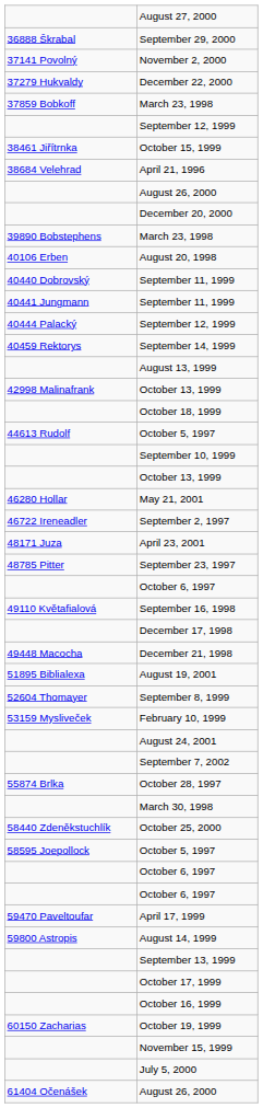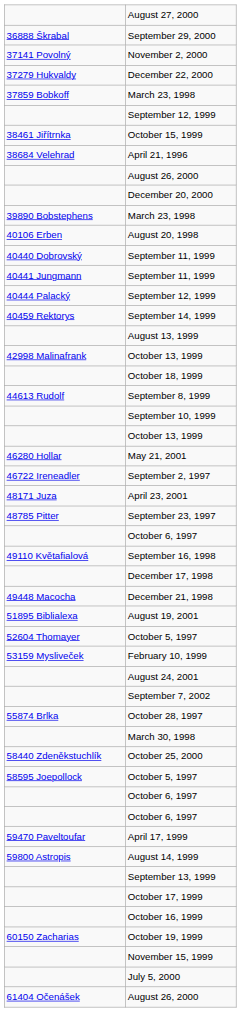 <table class="wikitable" style="font-size: 89%; float: left; width: 24em; margin-right: 1em; line-height: 1.6em !important; height: 1250px;">
 <tr>
 <td> </td>
 <td>August 27, 2000</td>
 </tr>
 <tr>
 <td><a href='#'>36888 Škrabal</a> </td>
 <td>September 29, 2000</td>
 </tr>
 <tr>
 <td><a href='#'>37141 Povolný</a></td>
 <td>November 2, 2000</td>
 </tr>
 <tr>
 <td><a href='#'>37279 Hukvaldy</a> </td>
 <td>December 22, 2000</td>
 </tr>
 <tr>
 <td><a href='#'>37859 Bobkoff</a></td>
 <td>March 23, 1998</td>
 </tr>
 <tr>
 <td> </td>
 <td>September 12, 1999</td>
 </tr>
 <tr>
 <td><a href='#'>38461 Jiřítrnka</a></td>
 <td>October 15, 1999</td>
 </tr>
 <tr>
 <td><a href='#'>38684 Velehrad</a> </td>
 <td>April 21, 1996</td>
 </tr>
 <tr>
 <td> </td>
 <td>August 26, 2000</td>
 </tr>
 <tr>
 <td> </td>
 <td>December 20, 2000</td>
 </tr>
 <tr>
 <td><a href='#'>39890 Bobstephens</a></td>
 <td>March 23, 1998</td>
 </tr>
 <tr>
 <td><a href='#'>40106 Erben</a></td>
 <td>August 20, 1998</td>
 </tr>
 <tr>
 <td><a href='#'>40440 Dobrovský</a> </td>
 <td>September 11, 1999</td>
 </tr>
 <tr>
 <td><a href='#'>40441 Jungmann</a> </td>
 <td>September 11, 1999</td>
 </tr>
 <tr>
 <td><a href='#'>40444 Palacký</a> </td>
 <td>September 12, 1999</td>
 </tr>
 <tr>
 <td><a href='#'>40459 Rektorys</a> </td>
 <td>September 14, 1999</td>
 </tr>
 <tr>
 <td> </td>
 <td>August 13, 1999</td>
 </tr>
 <tr>
 <td><a href='#'>42998 Malinafrank</a> </td>
 <td>October 13, 1999</td>
 </tr>
 <tr>
 <td></td>
 <td>October 18, 1999</td>
 </tr>
 <tr>
 <td><a href='#'>44613 Rudolf</a> </td>
-<td>October 5, 1997</td>
+<td>September 8, 1999</td>
 </tr>
 <tr>
 <td> </td>
 <td>September 10, 1999</td>
 </tr>
 <tr>
 <td> </td>
 <td>October 13, 1999</td>
 </tr>
 <tr>
 <td><a href='#'>46280 Hollar</a> </td>
 <td>May 21, 2001</td>
 </tr>
 <tr>
 <td><a href='#'>46722 Ireneadler</a> </td>
 <td>September 2, 1997</td>
 </tr>
 <tr>
 <td><a href='#'>48171 Juza</a> </td>
 <td>April 23, 2001</td>
 </tr>
 <tr>
 <td><a href='#'>48785 Pitter</a></td>
 <td>September 23, 1997</td>
 </tr>
 <tr>
 <td></td>
 <td>October 6, 1997</td>
 </tr>
 <tr>
 <td><a href='#'>49110 Květafialová</a> </td>
 <td>September 16, 1998</td>
 </tr>
 <tr>
 <td> </td>
 <td>December 17, 1998</td>
 </tr>
 <tr>
 <td><a href='#'>49448 Macocha</a></td>
 <td>December 21, 1998</td>
 </tr>
 <tr>
 <td><a href='#'>51895 Biblialexa</a> </td>
 <td>August 19, 2001</td>
 </tr>
 <tr>
 <td><a href='#'>52604 Thomayer</a></td>
-<td>September 8, 1999</td>
+<td>October 5, 1997</td>
 </tr>
 <tr>
 <td><a href='#'>53159 Mysliveček</a></td>
 <td>February 10, 1999</td>
 </tr>
 <tr>
 <td> </td>
 <td>August 24, 2001</td>
 </tr>
 <tr>
 <td> </td>
 <td>September 7, 2002</td>
 </tr>
 <tr>
 <td><a href='#'>55874 Brlka</a></td>
 <td>October 28, 1997</td>
 </tr>
 <tr>
 <td> </td>
 <td>March 30, 1998</td>
 </tr>
 <tr>
 <td><a href='#'>58440 Zdeněkstuchlík</a> </td>
 <td>October 25, 2000</td>
 </tr>
 <tr>
 <td><a href='#'>58595 Joepollock</a></td>
 <td>October 5, 1997</td>
 </tr>
 <tr>
 <td></td>
 <td>October 6, 1997</td>
 </tr>
 <tr>
 <td></td>
 <td>October 6, 1997</td>
 </tr>
 <tr>
 <td><a href='#'>59470 Paveltoufar</a></td>
 <td>April 17, 1999</td>
 </tr>
 <tr>
 <td><a href='#'>59800 Astropis</a> </td>
 <td>August 14, 1999</td>
 </tr>
 <tr>
 <td></td>
 <td>September 13, 1999</td>
 </tr>
 <tr>
 <td> </td>
 <td>October 17, 1999</td>
 </tr>
 <tr>
 <td> </td>
 <td>October 16, 1999</td>
 </tr>
 <tr>
 <td><a href='#'>60150 Zacharias</a> </td>
 <td>October 19, 1999</td>
 </tr>
 <tr>
 <td></td>
 <td>November 15, 1999</td>
 </tr>
 <tr>
 <td> </td>
 <td>July 5, 2000</td>
 </tr>
 <tr>
 <td><a href='#'>61404 Očenášek</a> </td>
 <td>August 26, 2000</td>
 </tr>
 </table>
